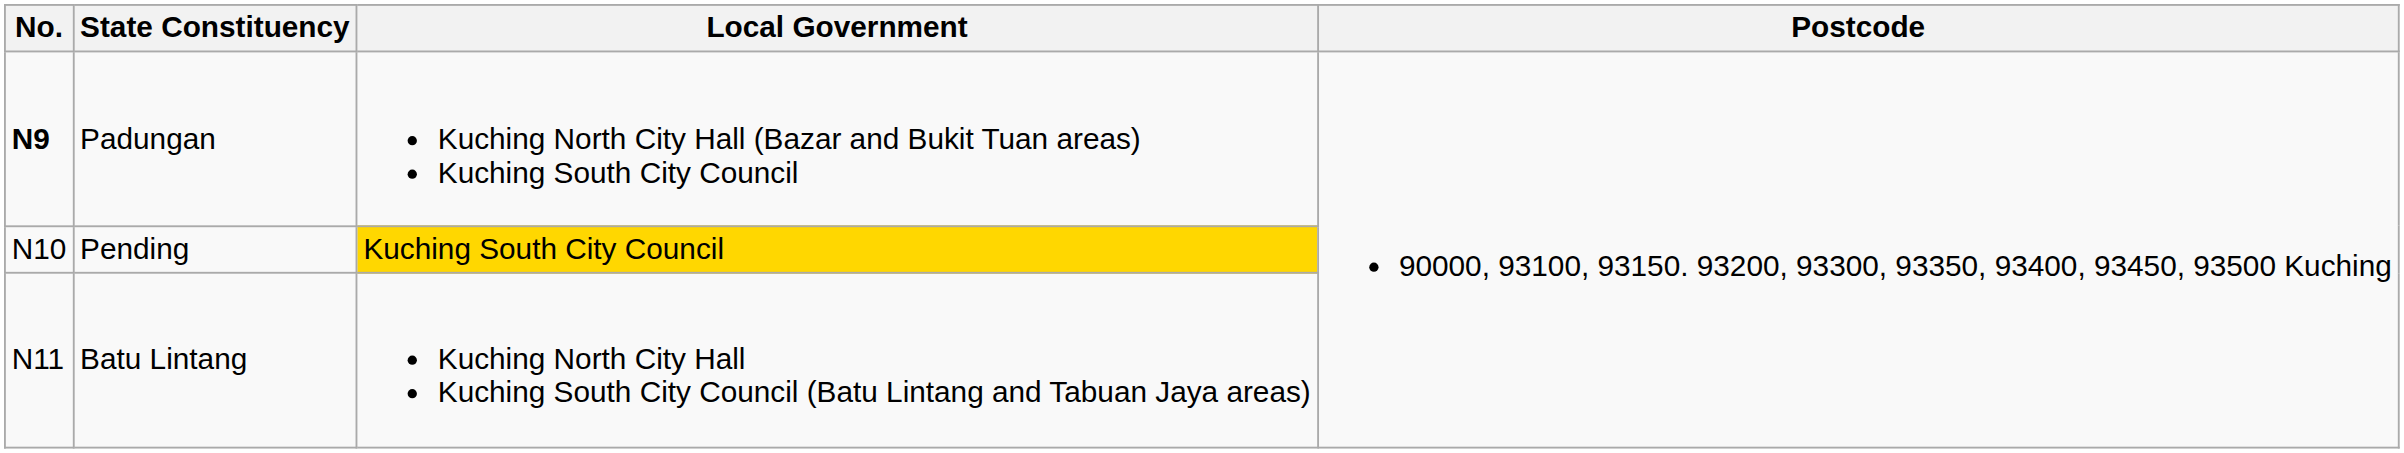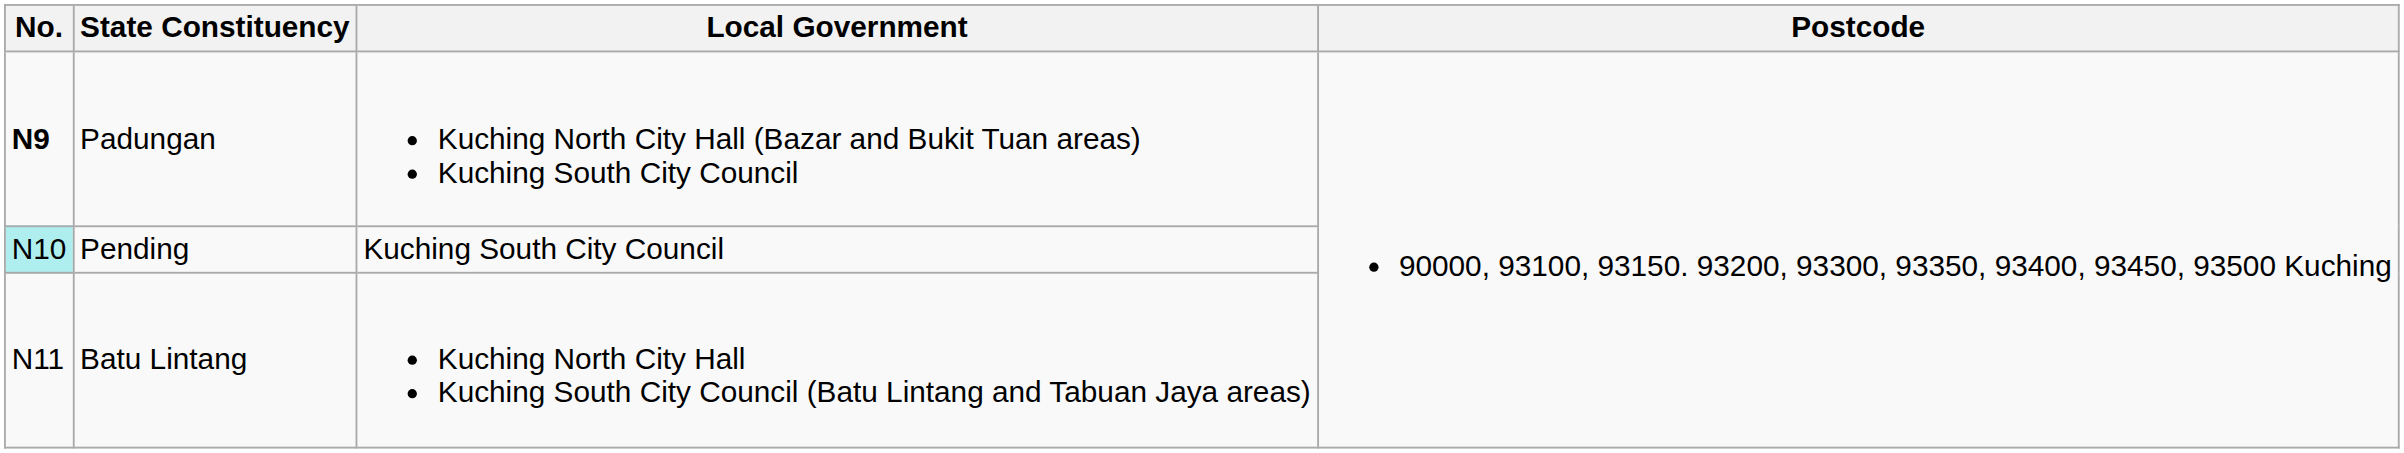 <table class="wikitable">
 <tr>
 <th>No.</th>
 <th>State Constituency</th>
 <th>Local Government</th>
 <th>Postcode</th>
 </tr>
 <tr>
 <td><strong>N9</strong></td>
 <td>Padungan</td>
 <td><br><ul><li>Kuching North City Hall (Bazar and Bukit Tuan areas)</li><li>Kuching South City Council</li></ul></td>
 <td rowspan="3"><br><ul><li>90000, 93100, 93150. 93200, 93300, 93350, 93400, 93450, 93500 Kuching</li></ul></td>
 </tr>
 <tr>
-<td>N10</td>
+<td style="background: paleturquoise;">N10</td>
 <td>Pending</td>
-<td style="background: gold;">Kuching South City Council</td>
+<td>Kuching South City Council</td>
 </tr>
 <tr>
 <td>N11</td>
 <td>Batu Lintang</td>
 <td><br><ul><li>Kuching North City Hall</li><li>Kuching South City Council (Batu Lintang and Tabuan Jaya areas)</li></ul></td>
 </tr>
 </table>
